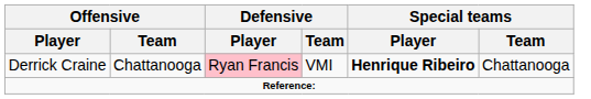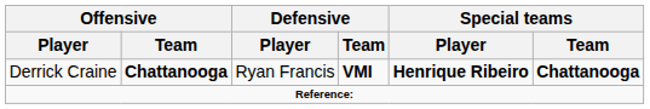 <table class="wikitable" border="1">
 <tr>
 <th colspan="2">Offensive</th>
 <th colspan="2">Defensive</th>
 <th colspan="2">Special teams</th>
 </tr>
 <tr>
 <th>Player</th>
 <th>Team</th>
 <th>Player</th>
 <th>Team</th>
 <th>Player</th>
 <th>Team</th>
 </tr>
 <tr>
 <td>Derrick Craine</td>
-<td>Chattanooga</td>
-<td style="background: pink;">Ryan Francis</td>
-<td>VMI</td>
+<td><strong>Chattanooga</strong></td>
+<td>Ryan Francis</td>
+<td><strong>VMI</strong></td>
 <td><strong>Henrique Ribeiro</strong></td>
-<td>Chattanooga</td>
+<td><strong>Chattanooga</strong></td>
 </tr>
 <tr>
 <td colspan="8" style="font-size: 8pt" align="center"><strong>Reference: </strong></td>
 </tr>
 </table>
